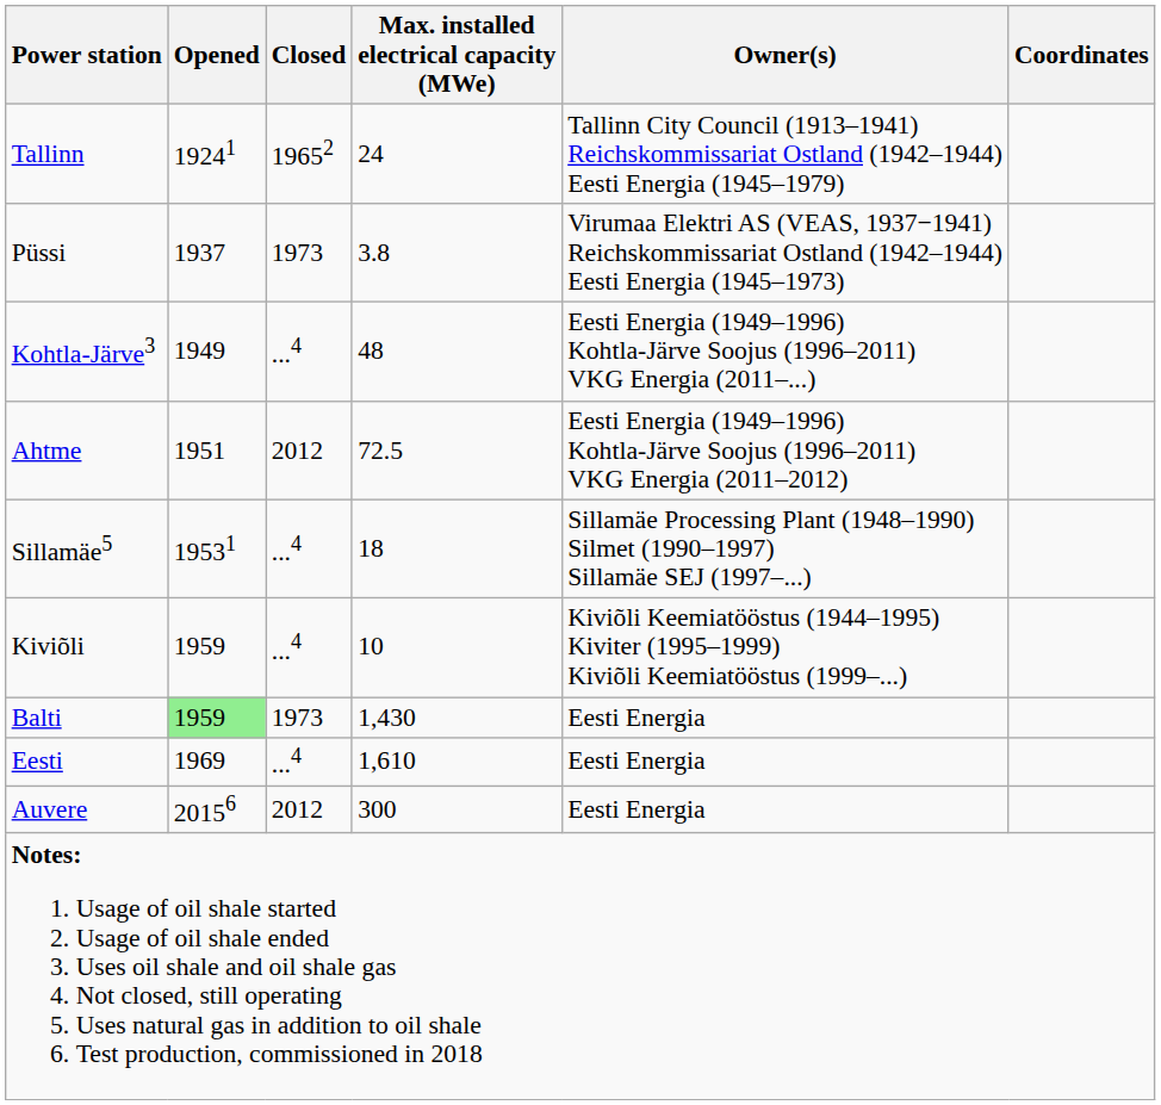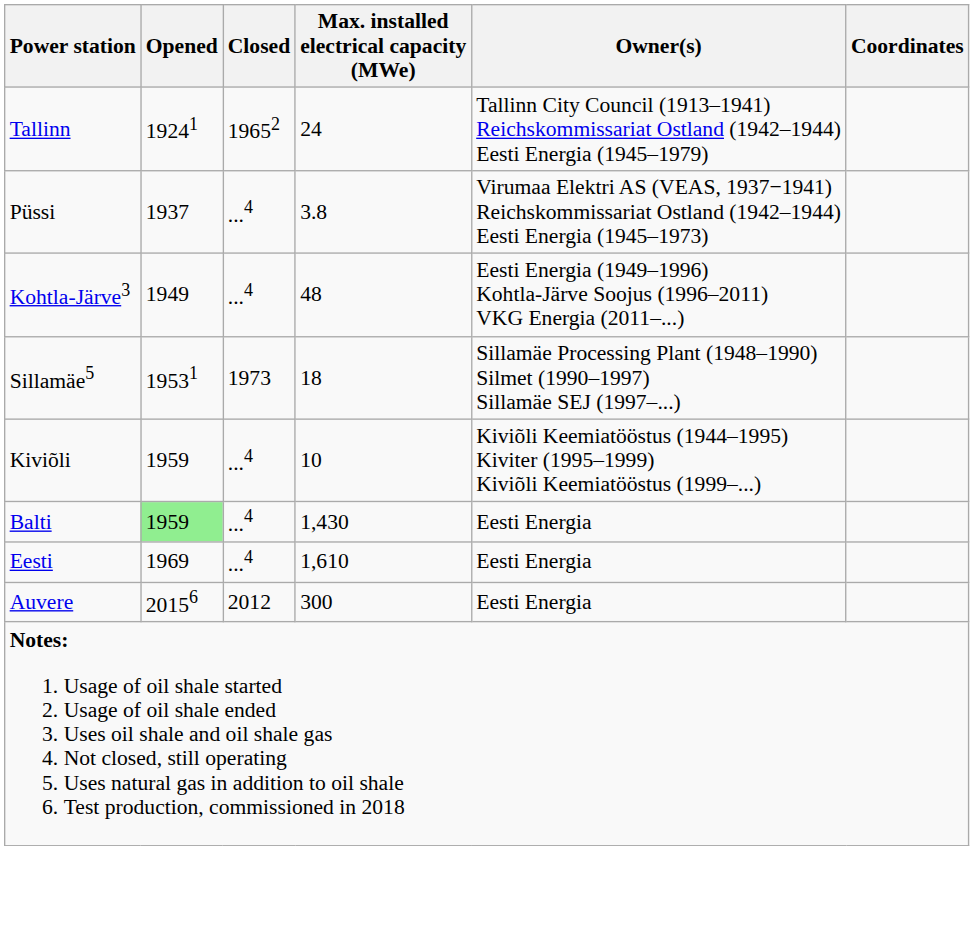 <table class="sortable wikitable">
 <tr>
 <th>Power station</th>
 <th>Opened</th>
 <th>Closed</th>
 <th>Max. installed<br> electrical capacity<br> (MWe)</th>
 <th>Owner(s)</th>
 <th>Coordinates</th>
 </tr>
 <tr>
 <td><a href='#'>Tallinn</a></td>
 <td>1924<sup>1</sup></td>
 <td>1965<sup>2</sup></td>
 <td>24</td>
 <td>Tallinn City Council (1913–1941)<br><a href='#'>Reichskommissariat Ostland</a> (1942–1944)<br>Eesti Energia (1945–1979)</td>
 <td></td>
 </tr>
 <tr>
 <td>Püssi</td>
 <td>1937</td>
-<td>1973</td>
+<td>...<sup>4</sup></td>
 <td>3.8</td>
 <td>Virumaa Elektri AS (VEAS, 1937−1941)<br>Reichskommissariat Ostland (1942–1944)<br>Eesti Energia (1945–1973)</td>
 <td></td>
 </tr>
 <tr>
 <td><a href='#'>Kohtla-Järve</a><sup>3</sup></td>
 <td>1949</td>
 <td>...<sup>4</sup></td>
 <td>48</td>
 <td>Eesti Energia (1949–1996)<br>Kohtla-Järve Soojus (1996–2011)<br>VKG Energia (2011–...)</td>
 <td></td>
 </tr>
 <tr>
-<td><a href='#'>Ahtme</a></td>
-<td>1951</td>
-<td>2012</td>
-<td>72.5</td>
-<td>Eesti Energia (1949–1996)<br>Kohtla-Järve Soojus (1996–2011)<br>VKG Energia (2011–2012)</td>
-<td></td>
-</tr>
-<tr>
 <td>Sillamäe<sup>5</sup></td>
 <td>1953<sup>1</sup></td>
-<td>...<sup>4</sup></td>
+<td>1973</td>
 <td>18</td>
 <td>Sillamäe Processing Plant (1948–1990)<br>Silmet (1990–1997)<br>Sillamäe SEJ (1997–...)</td>
 <td></td>
 </tr>
 <tr>
 <td>Kiviõli</td>
 <td>1959</td>
 <td>...<sup>4</sup></td>
 <td>10</td>
 <td>Kiviõli Keemiatööstus (1944–1995)<br>Kiviter (1995–1999)<br>Kiviõli Keemiatööstus (1999–...)</td>
 <td></td>
 </tr>
 <tr>
 <td><a href='#'>Balti</a></td>
 <td style="background: lightgreen;">1959</td>
-<td>1973</td>
+<td>...<sup>4</sup></td>
 <td>1,430</td>
 <td>Eesti Energia</td>
 <td></td>
 </tr>
 <tr>
 <td><a href='#'>Eesti</a></td>
 <td>1969</td>
 <td>...<sup>4</sup></td>
 <td>1,610</td>
 <td>Eesti Energia</td>
 <td></td>
 </tr>
 <tr -->
 <td><a href='#'>Auvere</a></td>
 <td>2015<sup>6</sup></td>
 <td>2012</td>
 <td>300</td>
 <td>Eesti Energia</td>
 <td></td>
 </tr>
 <tr -- class="sortbottom">
 <td colspan=6><strong>Notes:</strong><br><ol><li>Usage of oil shale started</li><li>Usage of oil shale ended</li><li>Uses oil shale and oil shale gas</li><li>Not closed, still operating</li><li>Uses natural gas in addition to oil shale</li><li>Test production, commissioned in 2018</li></ol></td>
 </tr>
 </table>
